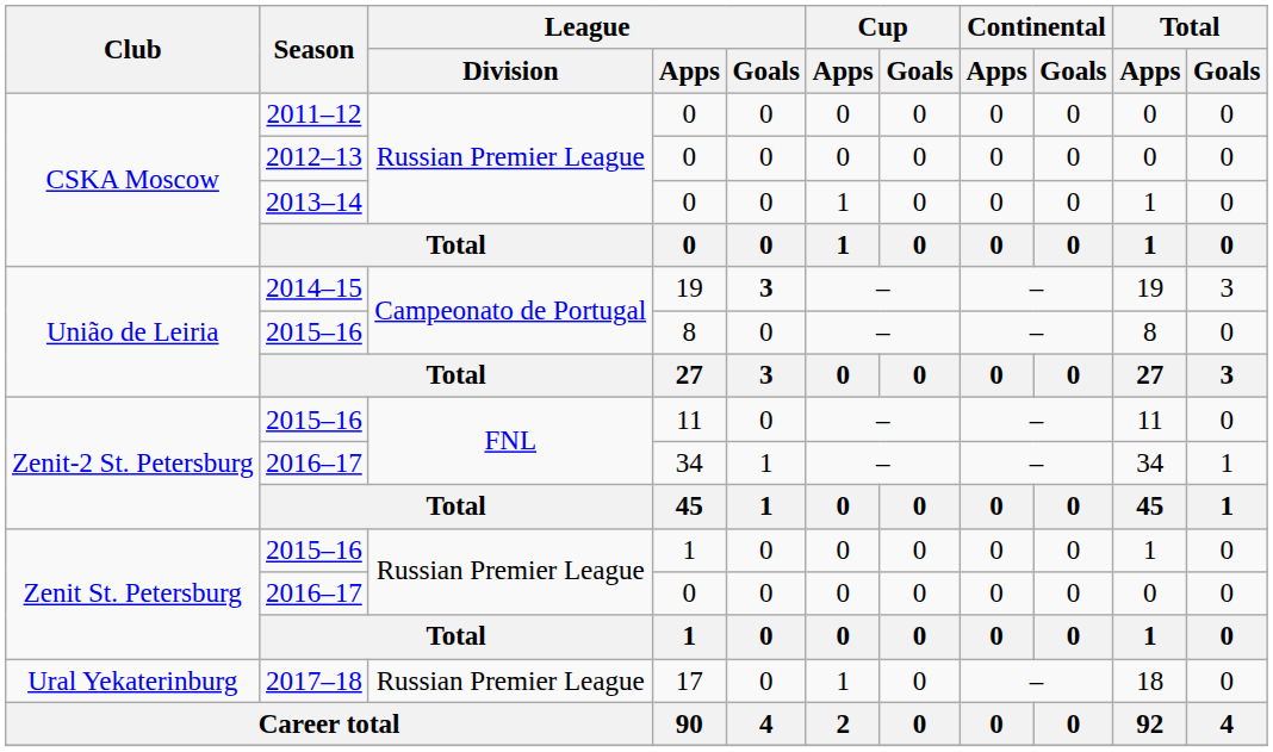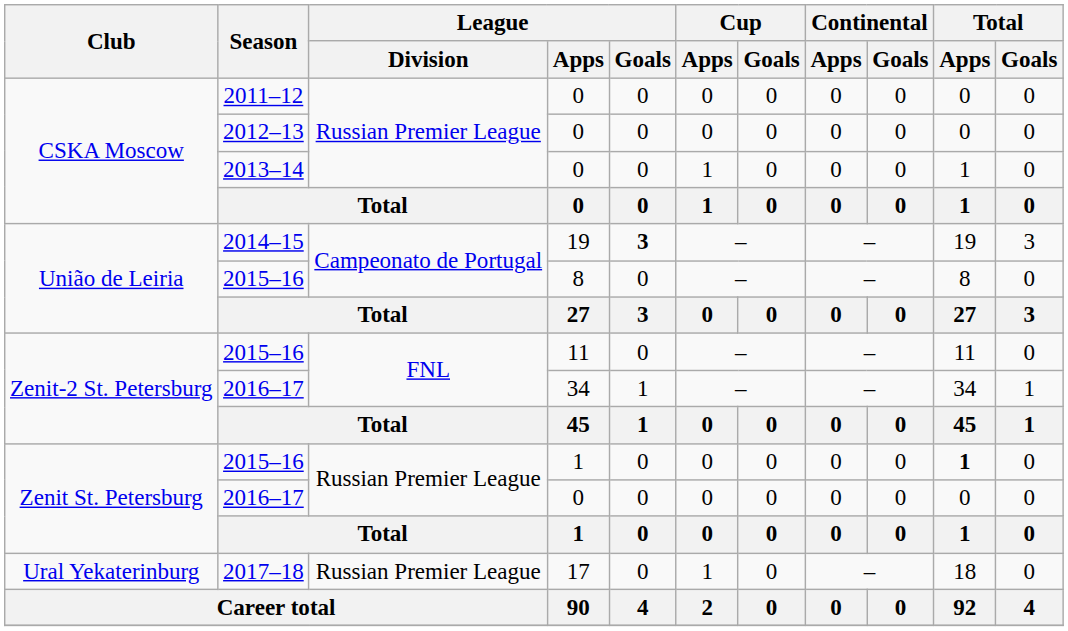 <table class="wikitable" style="text-align: center;">
 <tr>
 <th rowspan=2>Club</th>
 <th rowspan=2>Season</th>
 <th colspan=3>League</th>
 <th colspan=2>Cup</th>
 <th colspan=2>Continental</th>
 <th colspan=2>Total</th>
 </tr>
 <tr>
 <th>Division</th>
 <th>Apps</th>
 <th>Goals</th>
 <th>Apps</th>
 <th>Goals</th>
 <th>Apps</th>
 <th>Goals</th>
 <th>Apps</th>
 <th>Goals</th>
 </tr>
 <tr>
 <td rowspan=4><a href='#'>CSKA Moscow</a></td>
 <td><a href='#'>2011–12</a></td>
 <td rowspan=3><a href='#'>Russian Premier League</a></td>
 <td>0</td>
 <td>0</td>
 <td>0</td>
 <td>0</td>
 <td>0</td>
 <td>0</td>
 <td>0</td>
 <td>0</td>
 </tr>
 <tr>
 <td><a href='#'>2012–13</a></td>
 <td>0</td>
 <td>0</td>
 <td>0</td>
 <td>0</td>
 <td>0</td>
 <td>0</td>
 <td>0</td>
 <td>0</td>
 </tr>
 <tr>
 <td><a href='#'>2013–14</a></td>
 <td>0</td>
 <td>0</td>
 <td>1</td>
 <td>0</td>
 <td>0</td>
 <td>0</td>
 <td>1</td>
 <td>0</td>
 </tr>
 <tr>
 <th colspan=2>Total</th>
 <th>0</th>
 <th>0</th>
 <th>1</th>
 <th>0</th>
 <th>0</th>
 <th>0</th>
 <th>1</th>
 <th>0</th>
 </tr>
 <tr>
 <td rowspan=3><a href='#'>União de Leiria</a></td>
 <td><a href='#'>2014–15</a></td>
 <td rowspan=2><a href='#'>Campeonato de Portugal</a></td>
 <td>19</td>
 <td><strong>3</strong></td>
 <td colspan=2>–</td>
 <td colspan=2>–</td>
 <td>19</td>
 <td>3</td>
 </tr>
 <tr>
 <td><a href='#'>2015–16</a></td>
 <td>8</td>
 <td>0</td>
 <td colspan=2>–</td>
 <td colspan=2>–</td>
 <td>8</td>
 <td>0</td>
 </tr>
 <tr>
 <th colspan=2>Total</th>
 <th>27</th>
 <th>3</th>
 <th>0</th>
 <th>0</th>
 <th>0</th>
 <th>0</th>
 <th>27</th>
 <th>3</th>
 </tr>
 <tr>
 <td rowspan=3><a href='#'>Zenit-2 St. Petersburg</a></td>
 <td><a href='#'>2015–16</a></td>
 <td rowspan=2><a href='#'>FNL</a></td>
 <td>11</td>
 <td>0</td>
 <td colspan=2>–</td>
 <td colspan=2>–</td>
 <td>11</td>
 <td>0</td>
 </tr>
 <tr>
 <td><a href='#'>2016–17</a></td>
 <td>34</td>
 <td>1</td>
 <td colspan=2>–</td>
 <td colspan=2>–</td>
 <td>34</td>
 <td>1</td>
 </tr>
 <tr>
 <th colspan=2>Total</th>
 <th>45</th>
 <th>1</th>
 <th>0</th>
 <th>0</th>
 <th>0</th>
 <th>0</th>
 <th>45</th>
 <th>1</th>
 </tr>
 <tr>
 <td rowspan=3><a href='#'>Zenit St. Petersburg</a></td>
 <td><a href='#'>2015–16</a></td>
 <td rowspan=2>Russian Premier League</td>
 <td>1</td>
 <td>0</td>
 <td>0</td>
 <td>0</td>
 <td>0</td>
 <td>0</td>
-<td>1</td>
+<td><strong>1</strong></td>
 <td>0</td>
 </tr>
 <tr>
 <td><a href='#'>2016–17</a></td>
 <td>0</td>
 <td>0</td>
 <td>0</td>
 <td>0</td>
 <td>0</td>
 <td>0</td>
 <td>0</td>
 <td>0</td>
 </tr>
 <tr>
 <th colspan=2>Total</th>
 <th>1</th>
 <th>0</th>
 <th>0</th>
 <th>0</th>
 <th>0</th>
 <th>0</th>
 <th>1</th>
 <th>0</th>
 </tr>
 <tr>
 <td><a href='#'>Ural Yekaterinburg</a></td>
 <td><a href='#'>2017–18</a></td>
 <td>Russian Premier League</td>
 <td>17</td>
 <td>0</td>
 <td>1</td>
 <td>0</td>
 <td colspan=2>–</td>
 <td>18</td>
 <td>0</td>
 </tr>
 <tr>
 <th colspan=3>Career total</th>
 <th>90</th>
 <th>4</th>
 <th>2</th>
 <th>0</th>
 <th>0</th>
 <th>0</th>
 <th>92</th>
 <th>4</th>
 </tr>
 <tr>
 </tr>
 </table>
